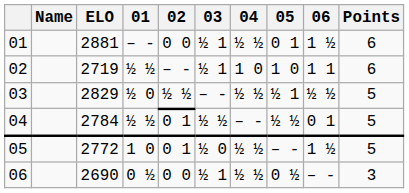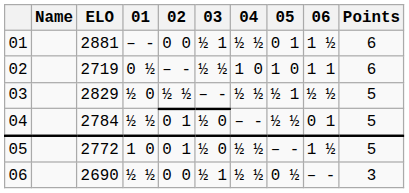 <table class="wikitable" style="text-align:center;">
 <tr>
 <th></th>
 <th>Name</th>
 <th>ELO</th>
 <th>01</th>
 <th>02</th>
 <th>03</th>
 <th>04</th>
 <th>05</th>
 <th>06</th>
 <th>Points</th>
 </tr>
 <tr>
 <td>01</td>
 <td style="text-align:left;" data-sort-value="Carlsen"></td>
 <td>2881</td>
 <td>– -</td>
 <td>0 0</td>
 <td>½ 1</td>
 <td>½ ½</td>
 <td>0 1</td>
 <td>1 ½</td>
 <td>6</td>
 </tr>
 <tr>
 <td>02</td>
 <td style="text-align:left;" data-sort-value="Artemiev"></td>
 <td>2719</td>
+<td>0 ½</td>
+<td>– -</td>
 <td>½ ½</td>
-<td>– -</td>
-<td>½ 1</td>
 <td>1 0</td>
 <td>1 0</td>
 <td>1 1</td>
 <td>6</td>
 </tr>
 <tr>
 <td>03</td>
 <td style="text-align:left;" data-sort-value="Nakamura"></td>
 <td>2829</td>
 <td>½ 0</td>
 <td>½ ½</td>
 <td>– -</td>
 <td>½ ½</td>
 <td>½ 1</td>
 <td>½ ½</td>
 <td>5</td>
 </tr>
 <tr>
 <td>04</td>
 <td style="text-align:left;" data-sort-value="Grischuk"></td>
 <td>2784</td>
 <td>½ ½</td>
 <td style="border-top: 2px solid #000000;">0 1</td>
-<td>½ ½</td>
+<td style="border-top: 2px solid #000000;">½ 0</td>
 <td>– -</td>
 <td>½ ½</td>
 <td>0 1</td>
 <td>5</td>
 </tr>
 <tr>
 <td style="border-top: 2px solid #000000;">05</td>
 <td style="text-align:left; border-top: 2px solid #000000;" data-sort-value="Dubov"></td>
 <td style="border-top: 2px solid #000000;">2772</td>
 <td style="border-top: 2px solid #000000;">1 0</td>
 <td style="border-top: 2px solid #000000;">0 1</td>
 <td style="border-top: 2px solid #000000;">½ 0</td>
 <td style="border-top: 2px solid #000000;">½ ½</td>
 <td style="border-top: 2px solid #000000;">– -</td>
 <td style="border-top: 2px solid #000000;">1 ½</td>
 <td style="border-top: 2px solid #000000;">5</td>
 </tr>
 <tr>
 <td>06</td>
 <td style="text-align:left;" data-sort-value="Harikrishna"></td>
 <td>2690</td>
-<td>0 ½</td>
+<td>½ ½</td>
 <td>0 0</td>
 <td>½ 1</td>
 <td>½ ½</td>
 <td>0 ½</td>
 <td>– -</td>
 <td>3</td>
 </tr>
 </table>
